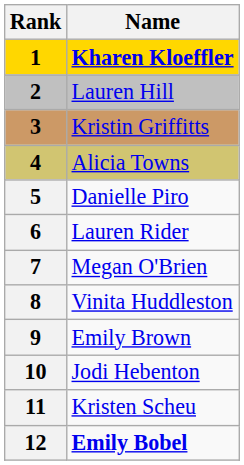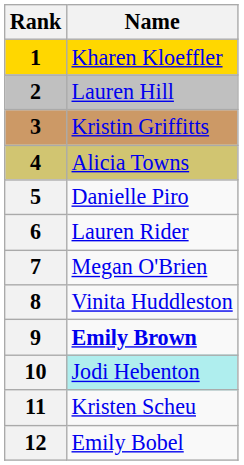 <table class="wikitable sortable">
 <tr>
 <th>Rank</th>
 <th>Name</th>
 </tr>
 <tr bgcolor="gold">
 <td align="center"><strong>1</strong></td>
-<td><strong><a href='#'>Kharen Kloeffler</a></strong></td>
+<td><a href='#'>Kharen Kloeffler</a></td>
 </tr>
 <tr bgcolor="silver">
 <td align="center"><strong>2</strong></td>
 <td><a href='#'>Lauren Hill</a></td>
 </tr>
 <tr bgcolor="cc9966">
 <td align="center"><strong>3</strong></td>
 <td><a href='#'>Kristin Griffitts</a></td>
 </tr>
 <tr bgcolor="#d1c571">
 <td align="center"><strong>4</strong></td>
 <td><a href='#'>Alicia Towns</a></td>
 </tr>
 <tr>
 <th>5</th>
 <td><a href='#'>Danielle Piro</a></td>
 </tr>
 <tr>
 <th>6</th>
 <td><a href='#'>Lauren Rider</a></td>
 </tr>
 <tr>
 <th>7</th>
 <td><a href='#'>Megan O'Brien</a></td>
 </tr>
 <tr>
 <th>8</th>
 <td><a href='#'>Vinita Huddleston</a></td>
 </tr>
 <tr>
 <th>9</th>
-<td><a href='#'>Emily Brown</a></td>
+<td><strong><a href='#'>Emily Brown</a></strong></td>
 </tr>
 <tr>
 <th>10</th>
-<td><a href='#'>Jodi Hebenton</a></td>
+<td style="background: paleturquoise;"><a href='#'>Jodi Hebenton</a></td>
 </tr>
 <tr>
 <th>11</th>
 <td><a href='#'>Kristen Scheu</a></td>
 </tr>
 <tr>
 <th>12</th>
-<td><strong><a href='#'>Emily Bobel</a></strong></td>
+<td><a href='#'>Emily Bobel</a></td>
 </tr>
 </table>
